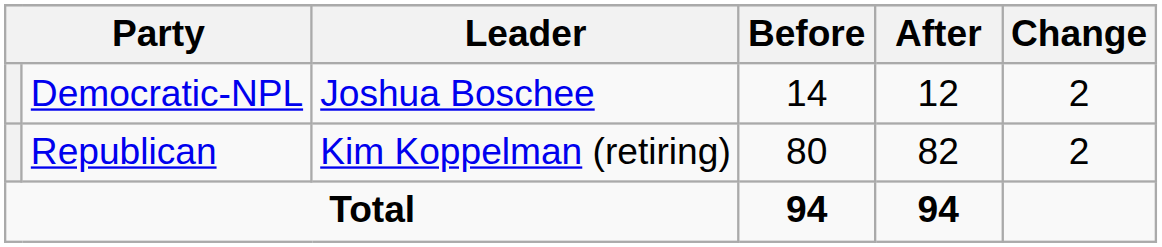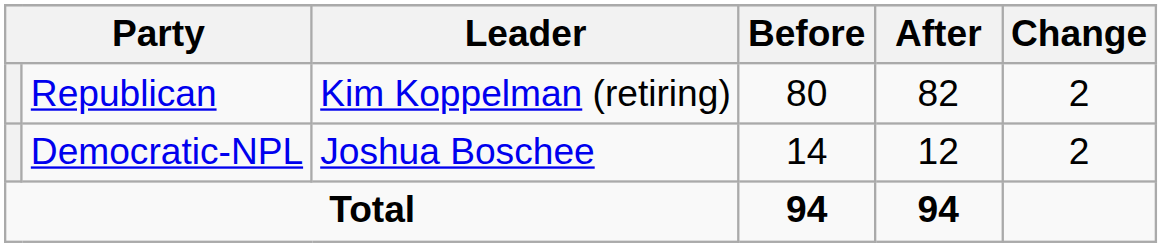 <table class="wikitable" style="text-align:center;">
 <tr>
 </tr>
 <tr>
 <th colspan=2>Party</th>
 <th>Leader</th>
 <th style="width:3em">Before</th>
 <th style="width:3em">After</th>
 <th style="width:3em">Change</th>
 </tr>
 <tr>
 <th style="background-color:"></th>
+<td style="text-align:left;"><a href='#'>Republican</a></td>
+<td style="text-align:left;"><a href='#'>Kim Koppelman</a> (retiring)</td>
+<td>80</td>
+<td>82</td>
+<td> 2</td>
+</tr>
+<tr>
+<th style="background-color:"></th>
 <td style="text-align:left;"><a href='#'>Democratic-NPL</a></td>
 <td style="text-align:left;"><a href='#'>Joshua Boschee</a></td>
 <td>14</td>
 <td>12</td>
-<td> 2</td>
-</tr>
-<tr>
-<th style="background-color:"></th>
-<td style="text-align:left;"><a href='#'>Republican</a></td>
-<td style="text-align:left;"><a href='#'>Kim Koppelman</a> (retiring)</td>
-<td>80</td>
-<td>82</td>
 <td> 2</td>
 </tr>
 <tr>
 <td colspan=3><strong>Total</strong></td>
 <td><strong>94</strong></td>
 <td><strong>94</strong></td>
 <td></td>
 </tr>
 </table>
